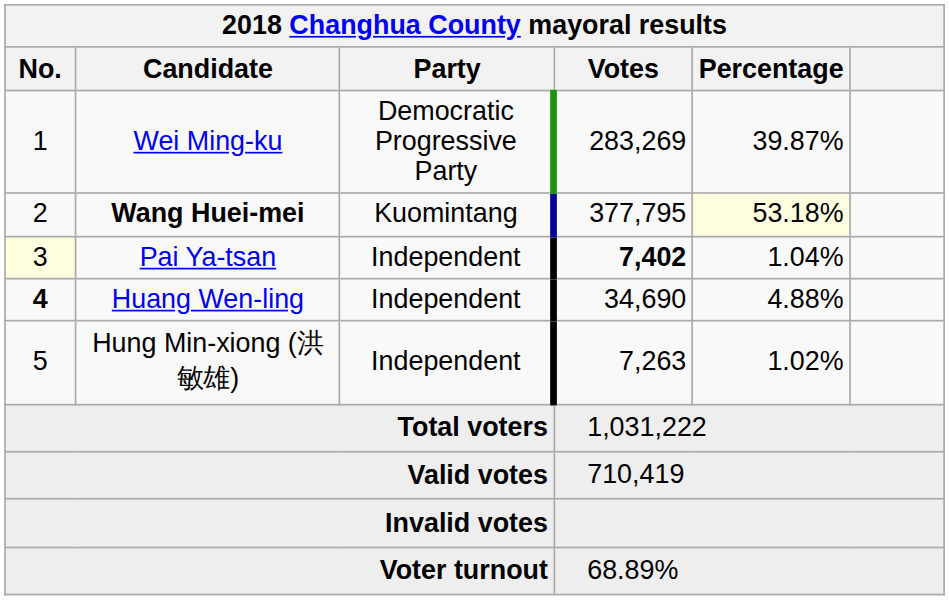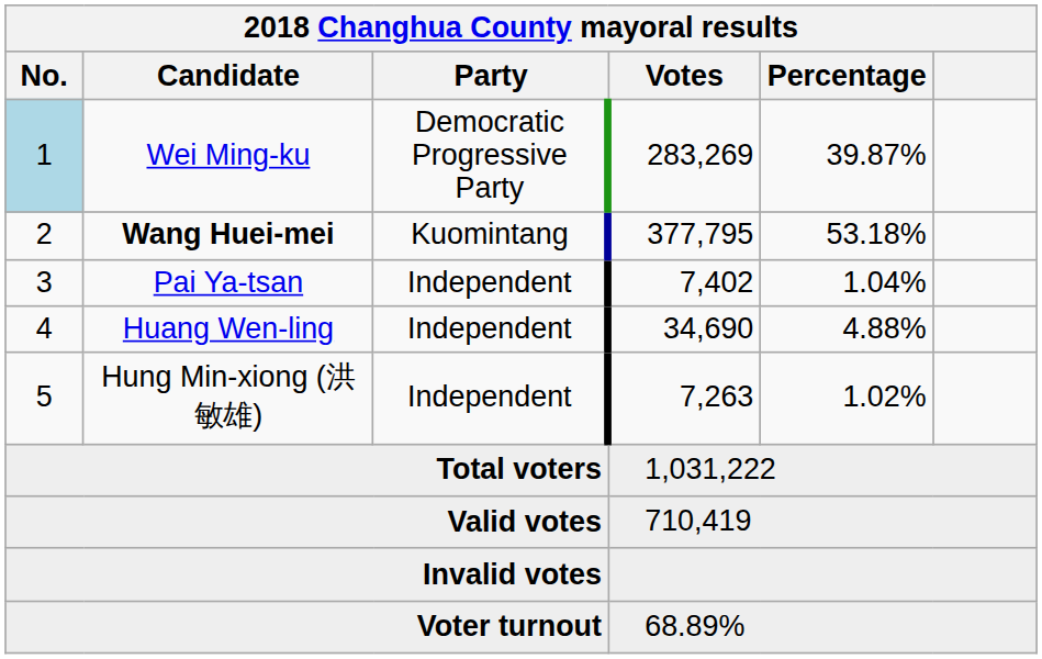 <table class="wikitable collapsible" style="margin:1em auto; text-align:center">
 <tr>
 <th colspan="6">2018 <a href='#'>Changhua County</a> mayoral results</th>
 </tr>
 <tr>
 <th width=35>No.</th>
 <th width=150>Candidate</th>
 <th width=120>Party</th>
 <th width=75>Votes</th>
 <th width=75>Percentage</th>
 <th width=49></th>
 </tr>
 <tr>
-<td>1</td>
+<td style="background: lightblue;">1</td>
 <td><a href='#'>Wei Ming-ku</a></td>
 <td>Democratic Progressive Party</td>
 <td style="border-left:4px solid #1B9413;" align="right">283,269</td>
 <td align="right">39.87%</td>
 <td align="center"></td>
 </tr>
 <tr>
 <td>2</td>
 <td><strong>Wang Huei-mei</strong></td>
 <td> Kuomintang</td>
 <td style="border-left:4px solid #000099;" align="right">377,795</td>
-<td align="right" style="background: lightyellow;">53.18%</td>
+<td align="right">53.18%</td>
 <td align="center"></td>
 </tr>
 <tr>
-<td style="background: lightyellow;">3</td>
+<td>3</td>
 <td><a href='#'>Pai Ya-tsan</a></td>
 <td> Independent</td>
-<td style="border-left:4px solid #000000;" align="right"><strong>7,402</strong></td>
+<td style="border-left:4px solid #000000;" align="right">7,402</td>
 <td align="right">1.04%</td>
 <td align="center"></td>
 </tr>
 <tr>
-<td><strong>4</strong></td>
+<td>4</td>
 <td><a href='#'>Huang Wen-ling</a></td>
 <td> Independent</td>
 <td style="border-left:4px solid #000000;" align="right">34,690</td>
 <td align="right">4.88%</td>
 <td align="center"></td>
 </tr>
 <tr>
 <td>5</td>
 <td>Hung Min-xiong (洪敏雄)</td>
 <td> Independent</td>
 <td style="border-left:4px solid #000000;" align="right">7,263</td>
 <td align="right">1.02%</td>
 <td align="center"></td>
 </tr>
 <tr bgcolor=EEEEEE>
 <td colspan="3" align="right"><strong>Total voters</strong></td>
 <td colspan="3" align="left">　1,031,222</td>
 </tr>
 <tr bgcolor=EEEEEE>
 <td colspan="3" align="right"><strong>Valid votes</strong></td>
 <td colspan="3" align="left">　710,419</td>
 </tr>
 <tr bgcolor=EEEEEE>
 <td colspan="3" align="right"><strong>Invalid votes</strong></td>
 <td colspan="3" align="left">　</td>
 </tr>
 <tr bgcolor=EEEEEE>
 <td colspan="3" align="right"><strong>Voter turnout</strong></td>
 <td colspan="3" align="left">　68.89%</td>
 </tr>
 </table>
